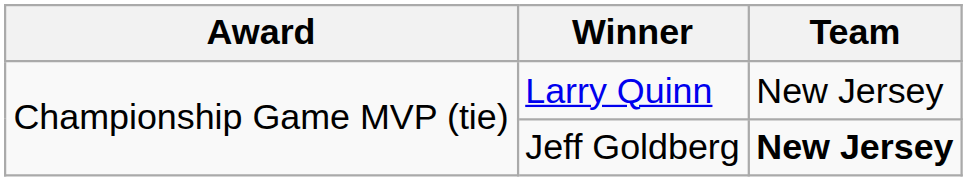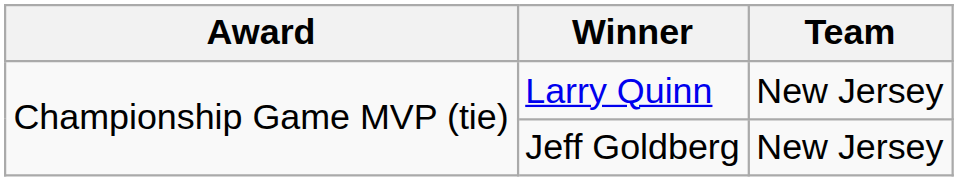 <table class="wikitable">
 <tr>
 <th>Award</th>
 <th>Winner</th>
 <th>Team</th>
 </tr>
 <tr>
 <td rowspan=2>Championship Game MVP (tie)</td>
 <td><a href='#'>Larry Quinn</a></td>
 <td>New Jersey</td>
 </tr>
 <tr>
 <td>Jeff Goldberg</td>
-<td><strong>New Jersey</strong></td>
+<td>New Jersey</td>
 </tr>
 </table>
